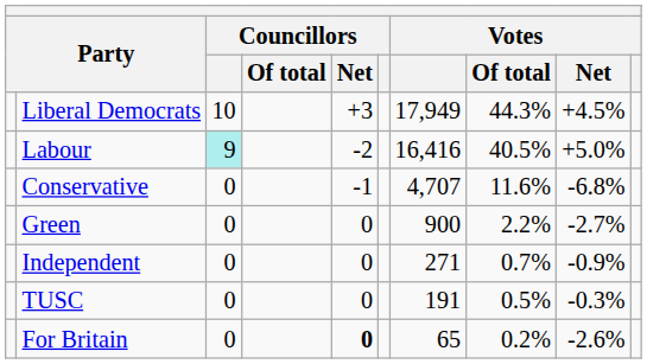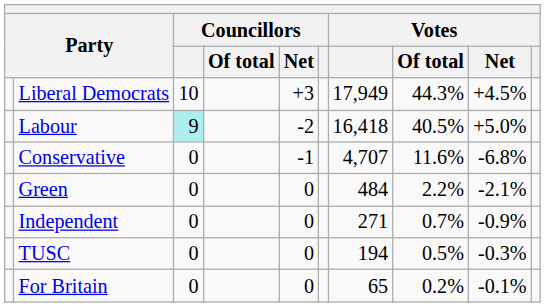 <table class="wikitable sortable" style="text-align:center;">
 <tr>
 <th colspan="10"></th>
 </tr>
 <tr>
 <th colspan="2" rowspan="2">Party</th>
 <th colspan="4">Councillors</th>
 <th colspan="4">Votes</th>
 </tr>
 <tr>
 <th></th>
 <th>Of total</th>
 <th>Net</th>
 <th class="unsortable"></th>
 <th></th>
 <th>Of total</th>
 <th>Net</th>
 <th class="unsortable"></th>
 </tr>
 <tr>
 <td style="background:"></td>
 <td style="text-align:left;"><a href='#'>Liberal Democrats</a></td>
 <td style="text-align:right;">10</td>
 <td style="text-align:right;"></td>
 <td style="text-align:right;">+3</td>
 <td data-sort-value=""></td>
 <td style="text-align:right;">17,949</td>
 <td style="text-align:right;">44.3%</td>
 <td style="text-align:right;">+4.5%</td>
 <td></td>
 </tr>
 <tr>
 <td style="background:"></td>
 <td style="text-align:left;"><a href='#'>Labour</a></td>
 <td style="background: paleturquoise; text-align:right;">9</td>
 <td style="text-align:right;"></td>
 <td style="text-align:right;">-2</td>
 <td data-sort-value=""></td>
-<td style="text-align:right;">16,416</td>
+<td style="text-align:right;">16,418</td>
 <td style="text-align:right;">40.5%</td>
 <td style="text-align:right;">+5.0%</td>
 <td></td>
 </tr>
 <tr>
 <td style="background:"></td>
 <td style="text-align:left;"><a href='#'>Conservative</a></td>
 <td style="text-align:right;">0</td>
 <td style="text-align:right;"></td>
 <td style="text-align:right;">-1</td>
 <td data-sort-value=""></td>
 <td style="text-align:right;">4,707</td>
 <td style="text-align:right;">11.6%</td>
 <td style="text-align:right;">-6.8%</td>
 <td></td>
 </tr>
 <tr>
 <td style="background:"></td>
 <td style="text-align:left;"><a href='#'>Green</a></td>
 <td style="text-align:right;">0</td>
 <td style="text-align:right;"></td>
 <td style="text-align:right;">0</td>
 <td data-sort-value=""></td>
-<td style="text-align:right;">900</td>
+<td style="text-align:right;">484</td>
 <td style="text-align:right;">2.2%</td>
-<td style="text-align:right;">-2.7%</td>
+<td style="text-align:right;">-2.1%</td>
 <td></td>
 </tr>
 <tr>
 <td style="background:"></td>
 <td style="text-align:left;"><a href='#'>Independent</a></td>
 <td style="text-align:right;">0</td>
 <td style="text-align:right;"></td>
 <td style="text-align:right;">0</td>
 <td data-sort-value=""></td>
 <td style="text-align:right;">271</td>
 <td style="text-align:right;">0.7%</td>
 <td style="text-align:right;">-0.9%</td>
 <td></td>
 </tr>
 <tr>
 <td style="background:"></td>
 <td style="text-align:left;"><a href='#'>TUSC</a></td>
 <td style="text-align:right;">0</td>
 <td style="text-align:right;"></td>
 <td style="text-align:right;">0</td>
 <td data-sort-value=""></td>
-<td style="text-align:right;">191</td>
+<td style="text-align:right;">194</td>
 <td style="text-align:right;">0.5%</td>
 <td style="text-align:right;">-0.3%</td>
 <td></td>
 </tr>
 <tr>
 <td style="background:"></td>
 <td style="text-align:left;"><a href='#'>For Britain</a></td>
 <td style="text-align:right;">0</td>
 <td style="text-align:right;"></td>
-<td style="text-align:right;"><strong>0</strong></td>
+<td style="text-align:right;">0</td>
 <td data-sort-value=""></td>
 <td style="text-align:right;">65</td>
 <td style="text-align:right;">0.2%</td>
-<td style="text-align:right;">-2.6%</td>
+<td style="text-align:right;">-0.1%</td>
 <td></td>
 </tr>
 </table>
